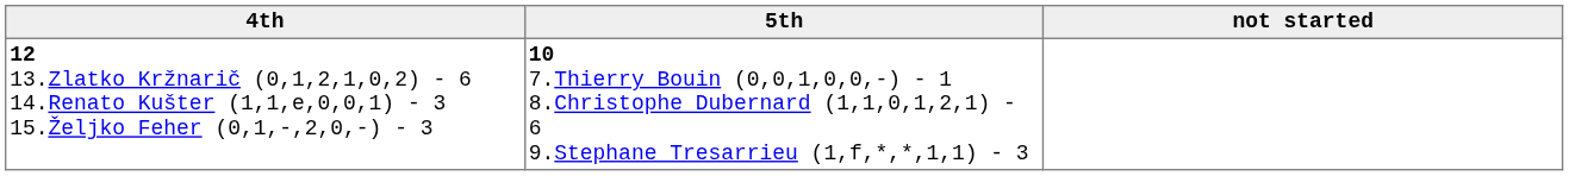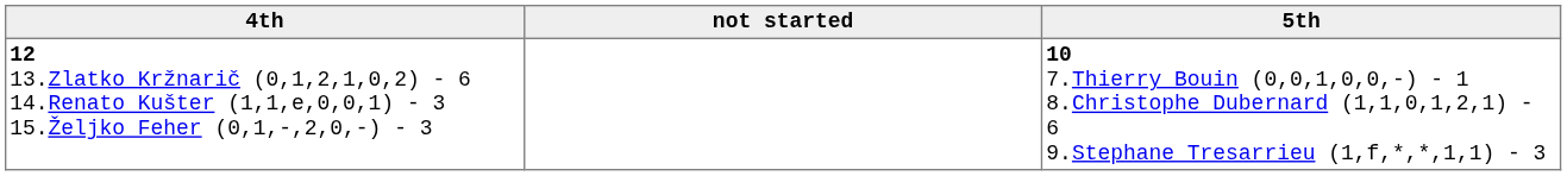 <table border="1" cellpadding="2" cellspacing="0" style="width:75%; border-collapse:collapse">
 <tr style="text-align:left; background:#efefef;">
 <th style="width:15%; text-align:center;">4th</th>
+<th style="width:15%; text-align:center;">not started</th>
 <th style="width:15%; text-align:center;">5th</th>
-<th style="width:15%; text-align:center;">not started</th>
 </tr>
 <tr align=left>
 <td valign=top align=left><strong> 12</strong><br>13.<a href='#'>Zlatko Kržnarič</a> (0,1,2,1,0,2) - 6 <br>14.<a href='#'>Renato Kušter</a> (1,1,e,0,0,1) - 3<br>15.<a href='#'>Željko Feher</a> (0,1,-,2,0,-) - 3</td>
+<td valign=top align=left><strong><em><br><br></em></strong></td>
 <td valign=top align=left><strong> 10</strong><br>7.<a href='#'>Thierry Bouin</a> (0,0,1,0,0,-) - 1<br>8.<a href='#'>Christophe Dubernard</a> (1,1,0,1,2,1) - 6<br>9.<a href='#'>Stephane Tresarrieu</a> (1,f,*,*,1,1) - 3</td>
-<td valign=top align=left><strong><em><br><br></em></strong></td>
 </tr>
 </table>
